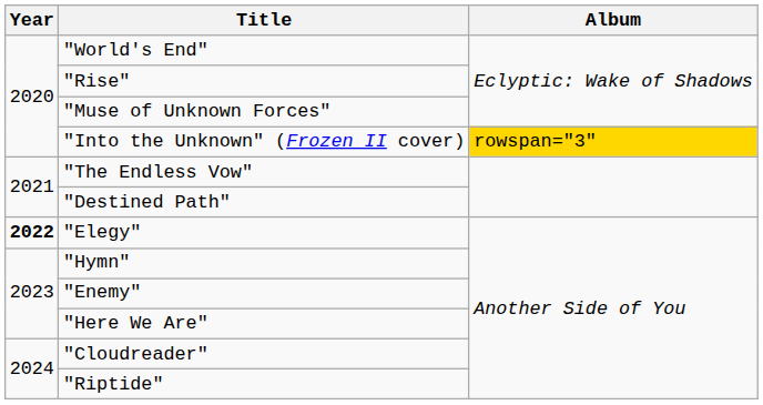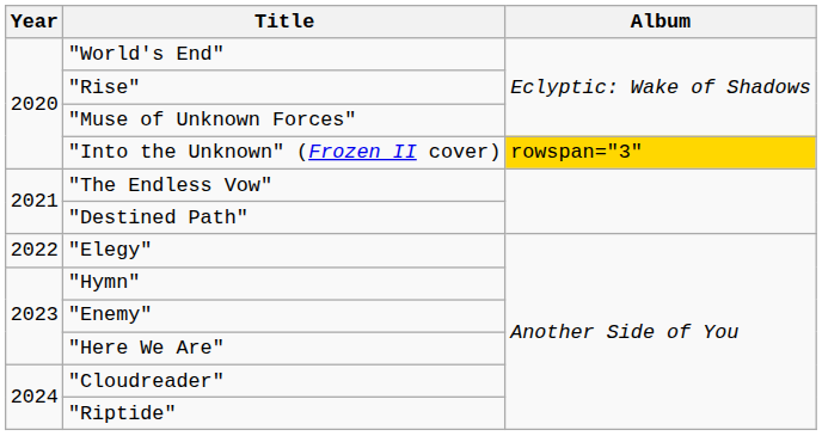 <table class="wikitable sortable">
 <tr>
 <th>Year</th>
 <th>Title</th>
 <th>Album</th>
 </tr>
 <tr>
 <td rowspan="4">2020</td>
 <td>"World's End"</td>
 <td rowspan="3"><em>Eclyptic: Wake of Shadows</em></td>
 </tr>
 <tr>
 <td>"Rise"</td>
 </tr>
 <tr>
 <td>"Muse of Unknown Forces"</td>
 </tr>
 <tr>
 <td>"Into the Unknown" (<em><a href='#'>Frozen II</a></em> cover)</td>
 <td style="background: gold;">rowspan="3" </td>
 </tr>
 <tr>
 <td rowspan="2">2021</td>
 <td>"The Endless Vow"</td>
 </tr>
 <tr>
 <td>"Destined Path"</td>
 </tr>
 <tr>
-<td><strong>2022</strong></td>
+<td>2022</td>
 <td>"Elegy"</td>
 <td rowspan="6"><em>Another Side of You</em></td>
 </tr>
 <tr>
 <td rowspan="3">2023</td>
 <td>"Hymn"</td>
 </tr>
 <tr>
 <td>"Enemy"</td>
 </tr>
 <tr>
 <td>"Here We Are"</td>
 </tr>
 <tr>
 <td rowspan="2">2024</td>
 <td>"Cloudreader"</td>
 </tr>
 <tr>
 <td>"Riptide"</td>
 </tr>
 </table>
